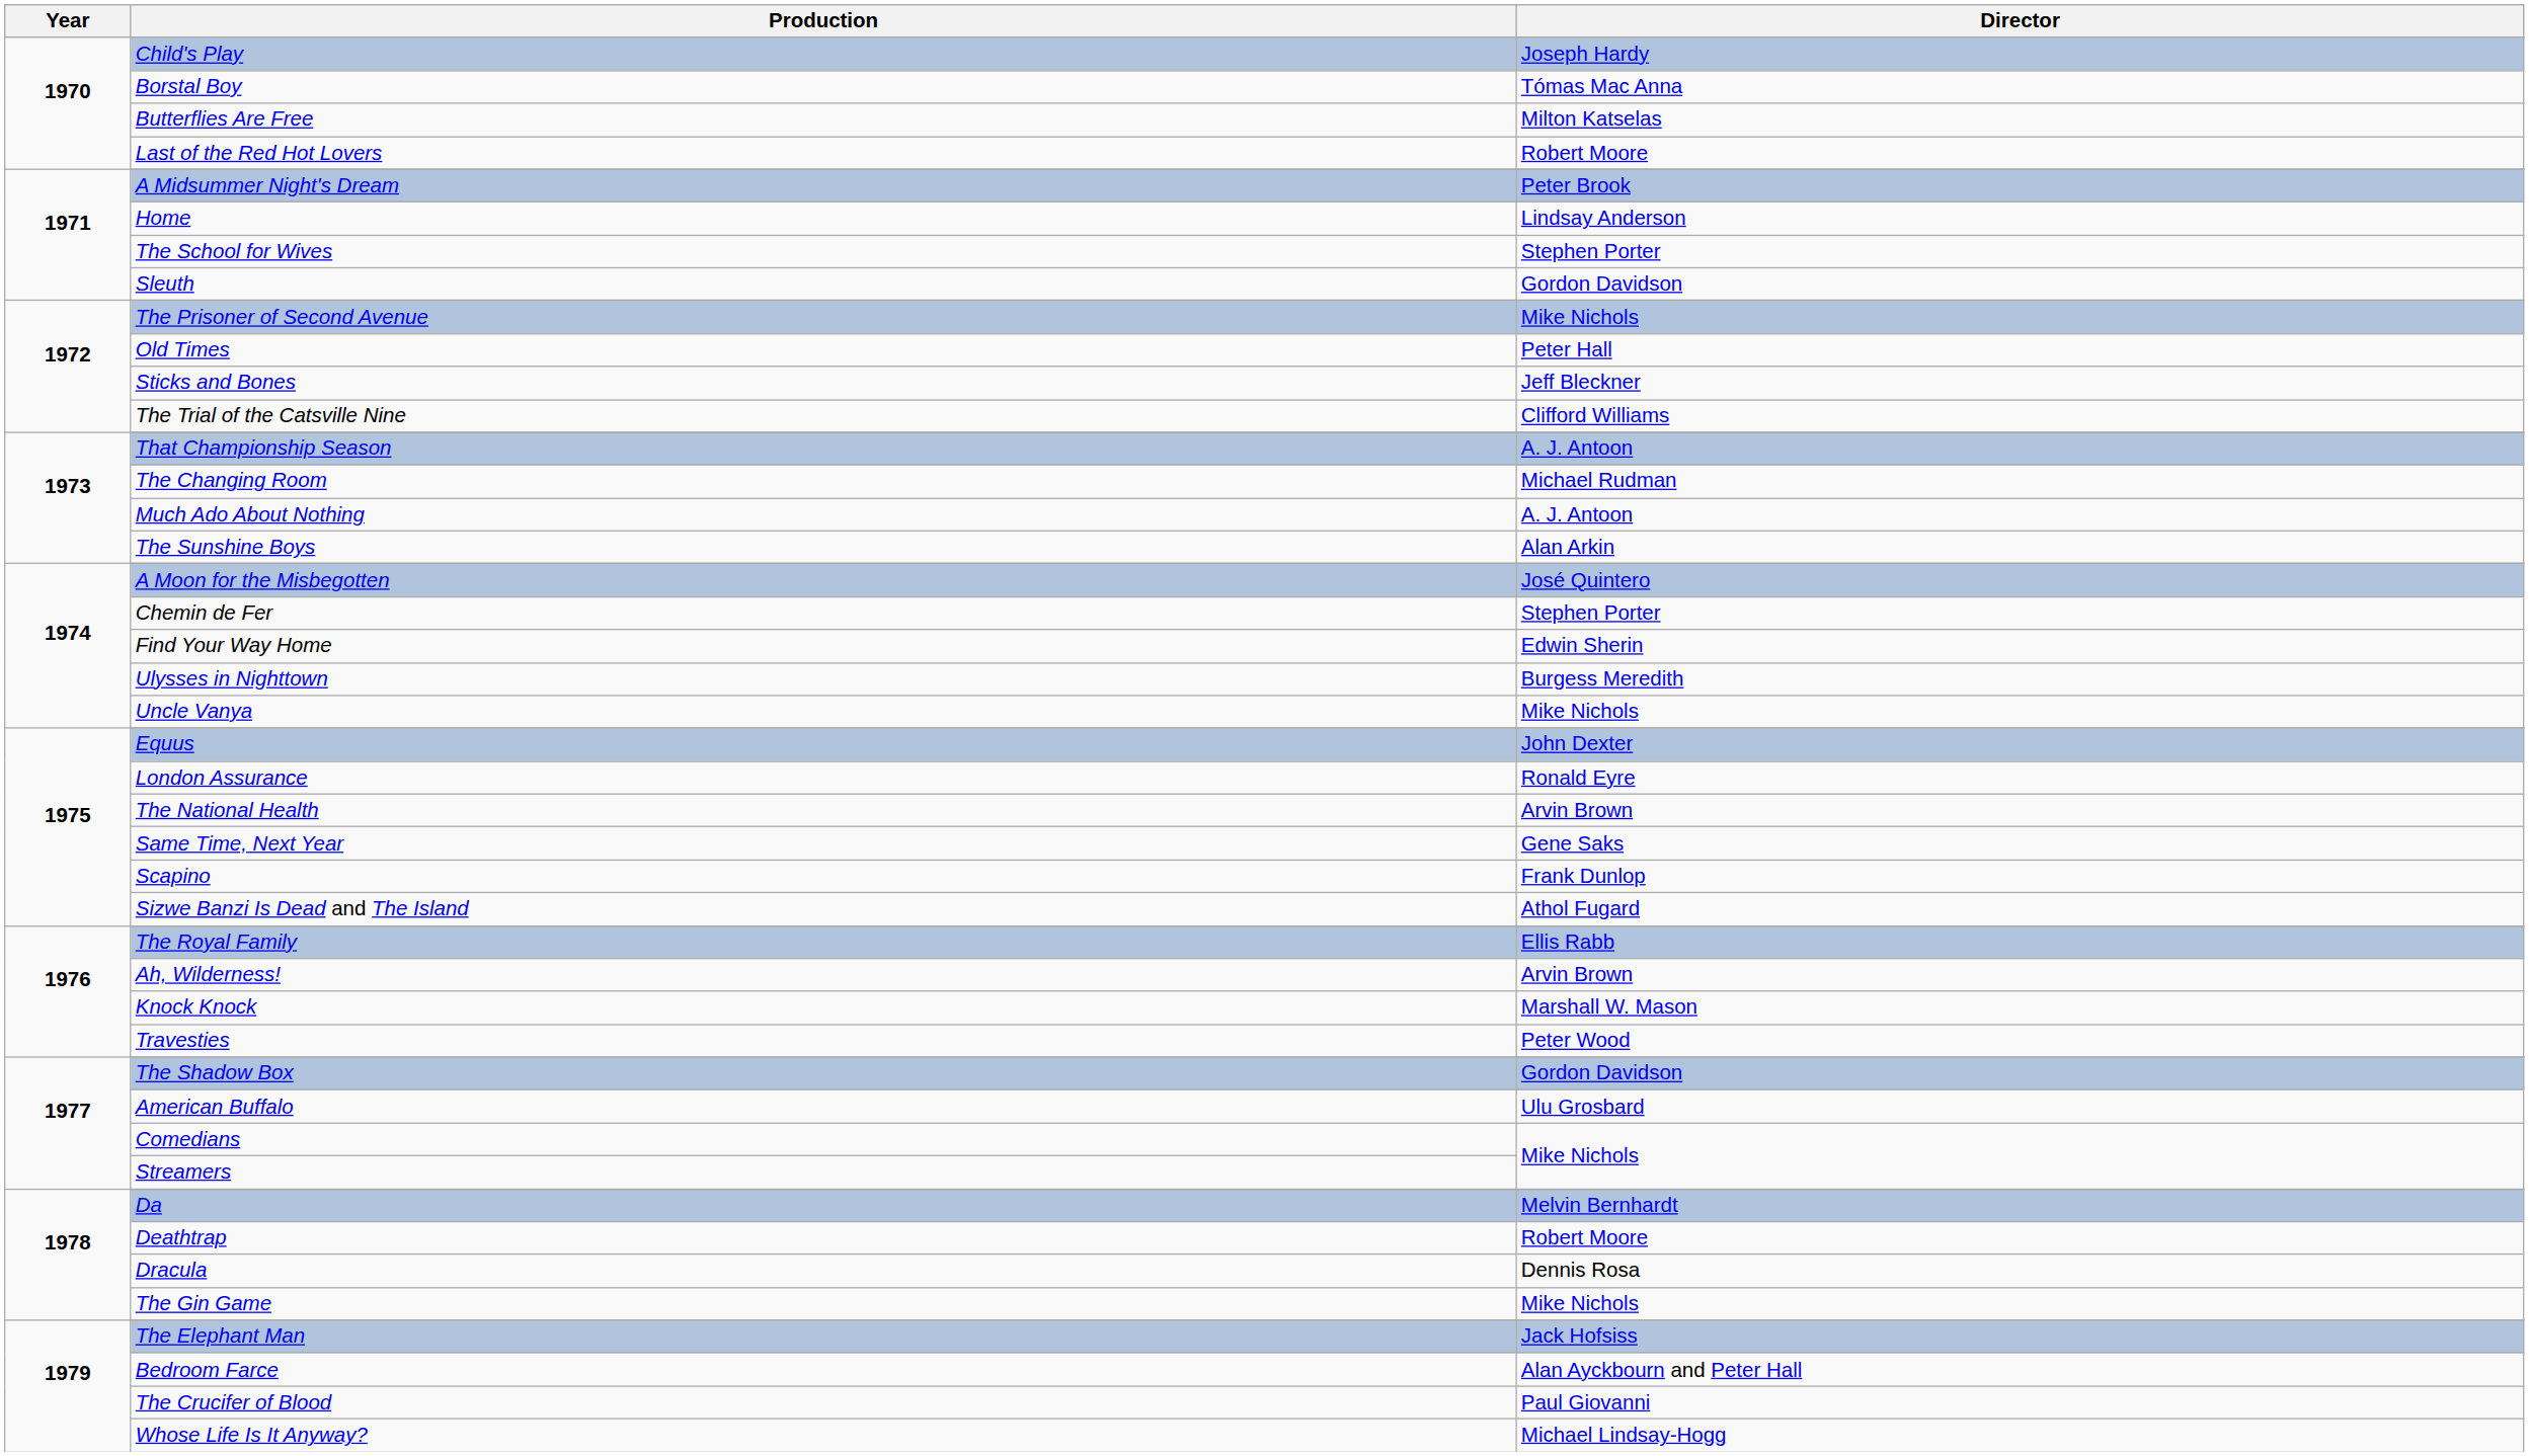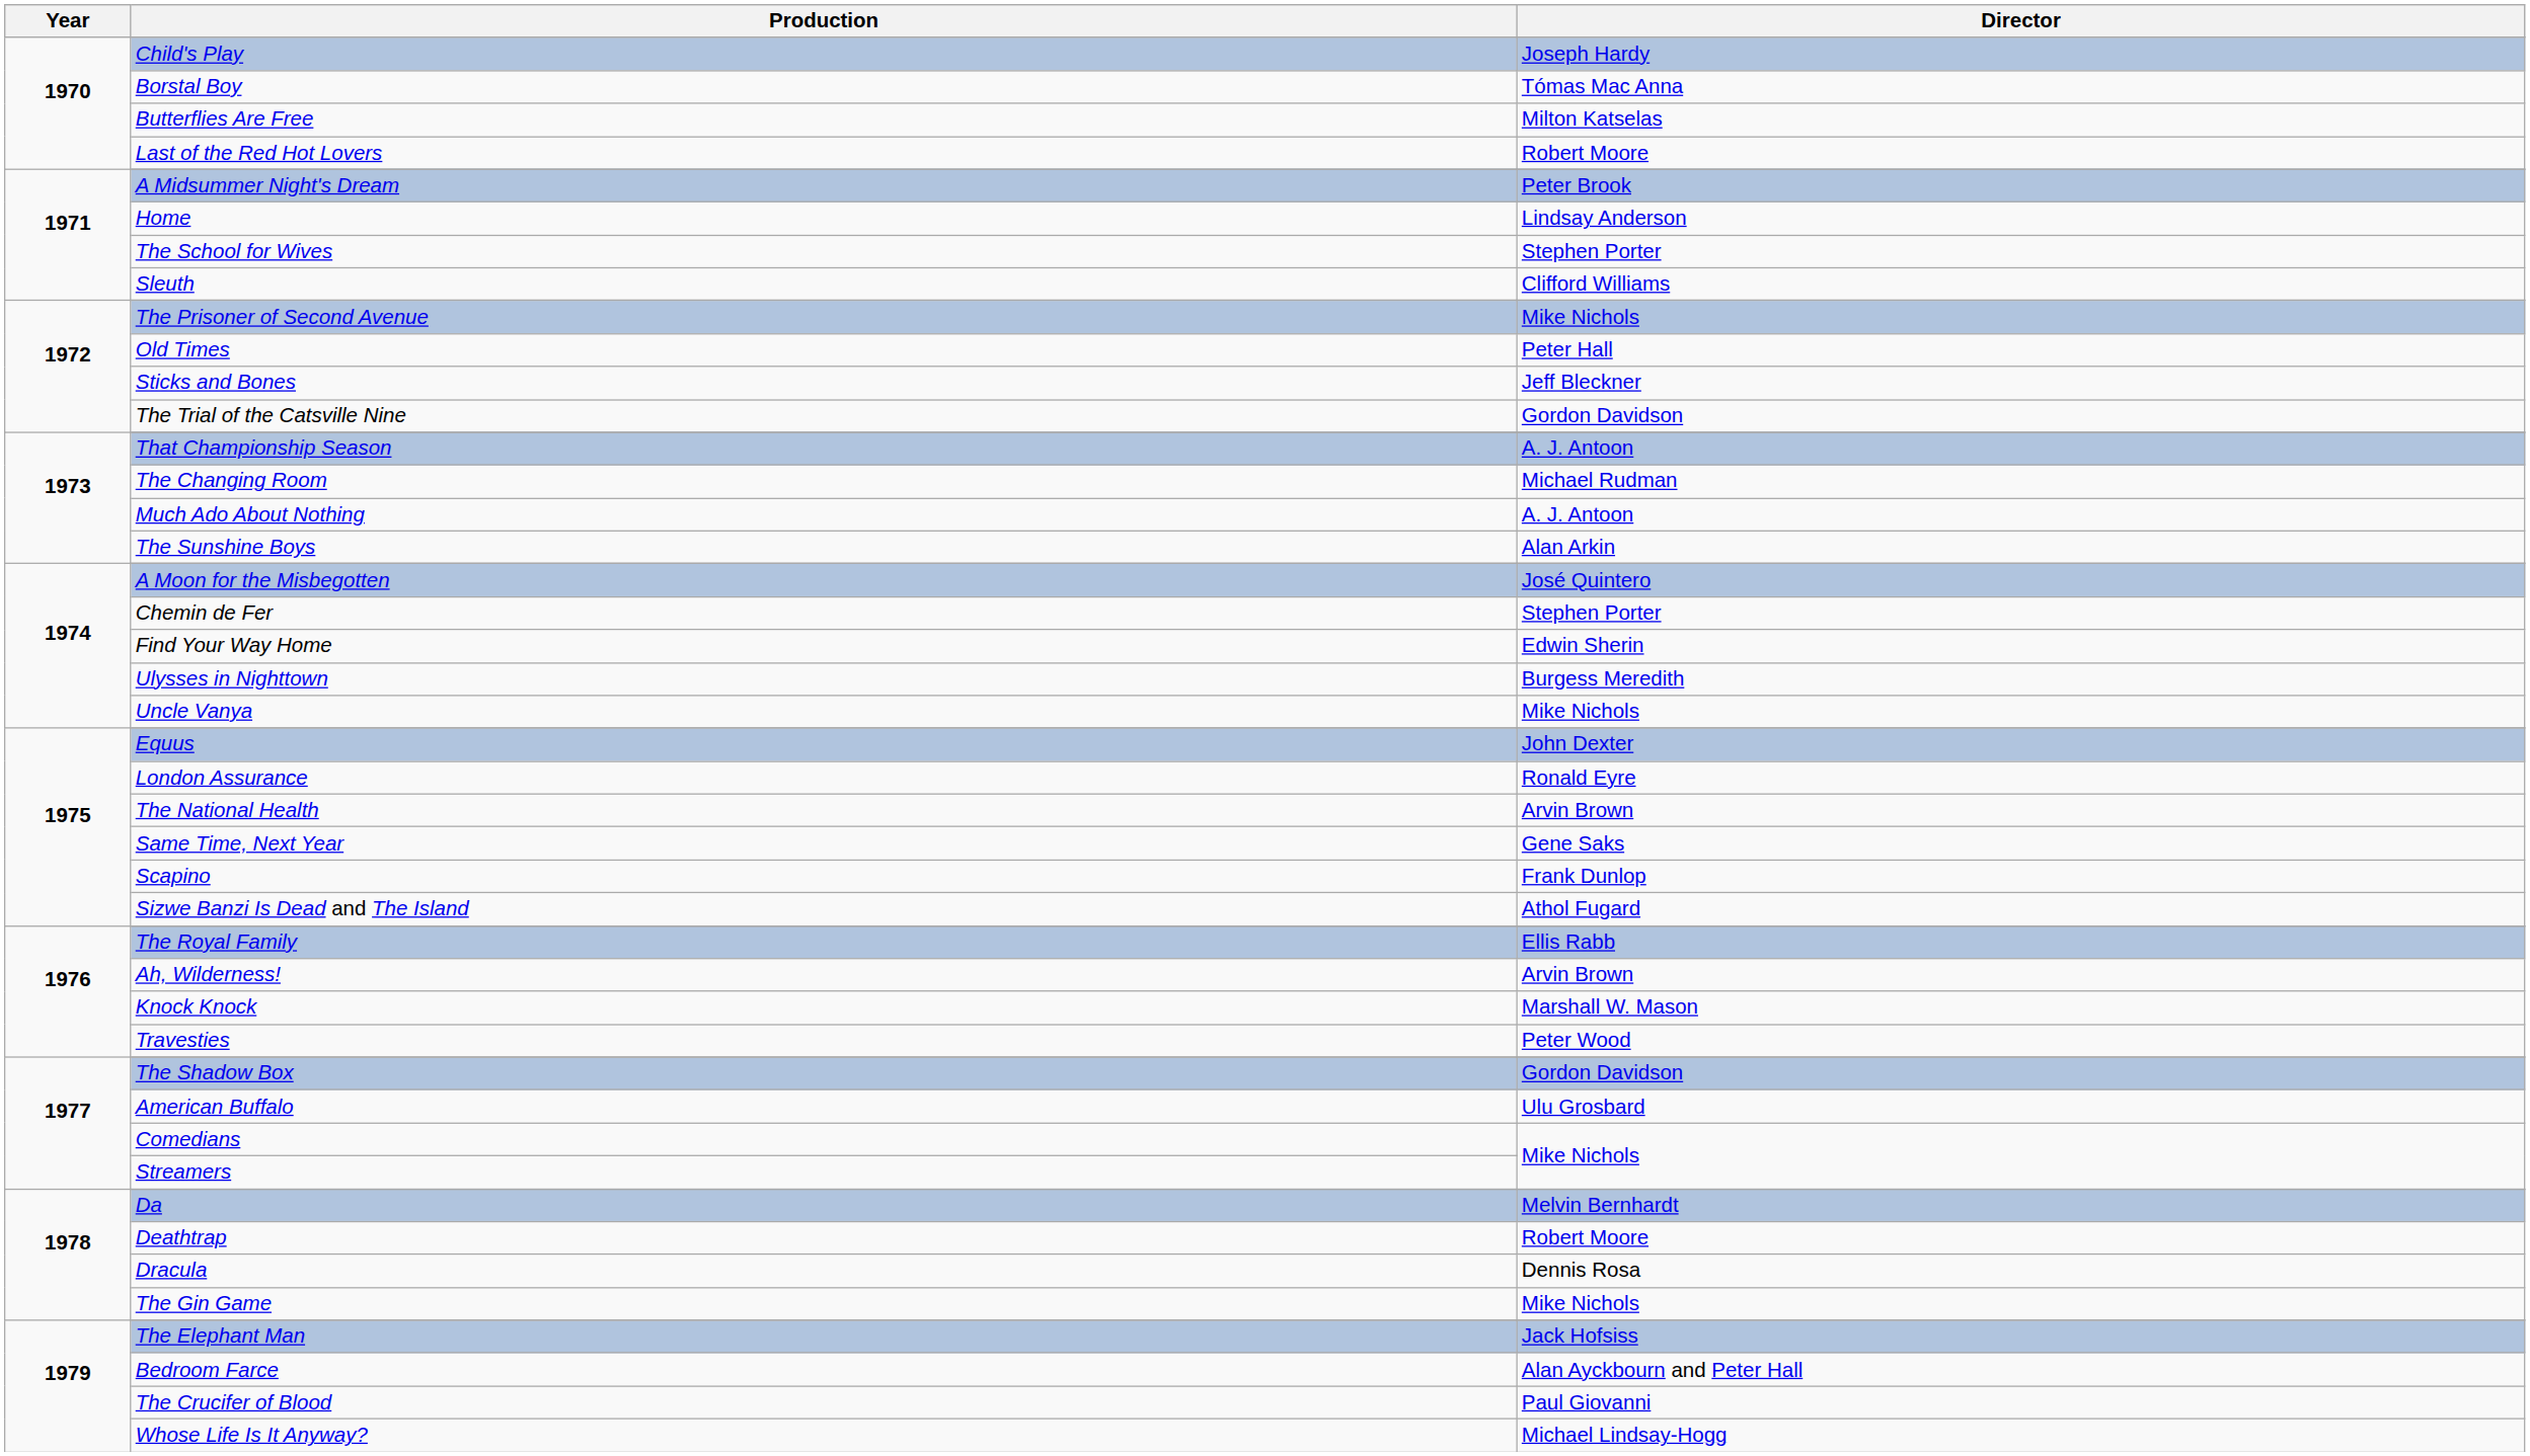 <table class="wikitable" style="width:98%;">
 <tr style="background:#bebebe;">
 <th style="width:5%;">Year</th>
 <th style="width:55%;">Production</th>
 <th style="width:40%;">Director</th>
 </tr>
 <tr>
 <td rowspan="5" align="center"><strong>1970</strong><br><br></td>
 </tr>
 <tr style="background:#B0C4DE">
 <td><em><a href='#'>Child's Play</a></em></td>
 <td><a href='#'>Joseph Hardy</a></td>
 </tr>
 <tr>
 <td><em><a href='#'>Borstal Boy</a></em></td>
 <td><a href='#'>Tómas Mac Anna</a></td>
 </tr>
 <tr>
 <td><em><a href='#'>Butterflies Are Free</a></em></td>
 <td><a href='#'>Milton Katselas</a></td>
 </tr>
 <tr>
 <td><em><a href='#'>Last of the Red Hot Lovers</a></em></td>
 <td><a href='#'>Robert Moore</a></td>
 </tr>
 <tr>
 <td rowspan="5" align="center"><strong>1971</strong><br><br></td>
 </tr>
 <tr style="background:#B0C4DE">
 <td><em><a href='#'>A Midsummer Night's Dream</a></em></td>
 <td><a href='#'>Peter Brook</a></td>
 </tr>
 <tr>
 <td><em><a href='#'>Home</a></em></td>
 <td><a href='#'>Lindsay Anderson</a></td>
 </tr>
 <tr>
 <td><em><a href='#'>The School for Wives</a></em></td>
 <td><a href='#'>Stephen Porter</a></td>
 </tr>
 <tr>
 <td><em><a href='#'>Sleuth</a></em></td>
-<td><a href='#'>Gordon Davidson</a></td>
+<td><a href='#'>Clifford Williams</a></td>
 </tr>
 <tr>
 <td rowspan="5" align="center"><strong>1972</strong><br><br></td>
 </tr>
 <tr style="background:#B0C4DE">
 <td><em><a href='#'>The Prisoner of Second Avenue</a></em></td>
 <td><a href='#'>Mike Nichols</a></td>
 </tr>
 <tr>
 <td><em><a href='#'>Old Times</a></em></td>
 <td><a href='#'>Peter Hall</a></td>
 </tr>
 <tr>
 <td><em><a href='#'>Sticks and Bones</a></em></td>
 <td><a href='#'>Jeff Bleckner</a></td>
 </tr>
 <tr>
 <td><em>The Trial of the Catsville Nine</em></td>
-<td><a href='#'>Clifford Williams</a></td>
+<td><a href='#'>Gordon Davidson</a></td>
 </tr>
 <tr>
 <td rowspan="5" align="center"><strong>1973</strong><br><br></td>
 </tr>
 <tr style="background:#B0C4DE">
 <td><em><a href='#'>That Championship Season</a></em></td>
 <td><a href='#'>A. J. Antoon</a></td>
 </tr>
 <tr>
 <td><em><a href='#'>The Changing Room</a></em></td>
 <td><a href='#'>Michael Rudman</a></td>
 </tr>
 <tr>
 <td><em><a href='#'>Much Ado About Nothing</a></em></td>
 <td><a href='#'>A. J. Antoon</a></td>
 </tr>
 <tr>
 <td><em><a href='#'>The Sunshine Boys</a></em></td>
 <td><a href='#'>Alan Arkin</a></td>
 </tr>
 <tr>
 <td rowspan="6" align="center"><strong>1974</strong><br><br></td>
 </tr>
 <tr style="background:#B0C4DE">
 <td><em><a href='#'>A Moon for the Misbegotten</a></em></td>
 <td><a href='#'>José Quintero</a></td>
 </tr>
 <tr>
 <td><em>Chemin de Fer</em></td>
 <td><a href='#'>Stephen Porter</a></td>
 </tr>
 <tr>
 <td><em>Find Your Way Home</em></td>
 <td><a href='#'>Edwin Sherin</a></td>
 </tr>
 <tr>
 <td><em><a href='#'>Ulysses in Nighttown</a></em></td>
 <td><a href='#'>Burgess Meredith</a></td>
 </tr>
 <tr>
 <td><em><a href='#'>Uncle Vanya</a></em></td>
 <td><a href='#'>Mike Nichols</a></td>
 </tr>
 <tr>
 <td rowspan="7" align="center"><strong>1975</strong><br><br></td>
 </tr>
 <tr style="background:#B0C4DE">
 <td><em><a href='#'>Equus</a></em></td>
 <td><a href='#'>John Dexter</a></td>
 </tr>
 <tr>
 <td><em><a href='#'>London Assurance</a></em></td>
 <td><a href='#'>Ronald Eyre</a></td>
 </tr>
 <tr>
 <td><em><a href='#'>The National Health</a></em></td>
 <td><a href='#'>Arvin Brown</a></td>
 </tr>
 <tr>
 <td><em><a href='#'>Same Time, Next Year</a></em></td>
 <td><a href='#'>Gene Saks</a></td>
 </tr>
 <tr>
 <td><em><a href='#'>Scapino</a></em></td>
 <td><a href='#'>Frank Dunlop</a></td>
 </tr>
 <tr>
 <td><em><a href='#'>Sizwe Banzi Is Dead</a></em> and <em><a href='#'>The Island</a></em></td>
 <td><a href='#'>Athol Fugard</a></td>
 </tr>
 <tr>
 <td rowspan="5" align="center"><strong>1976</strong><br><br></td>
 </tr>
 <tr style="background:#B0C4DE">
 <td><em><a href='#'>The Royal Family</a></em></td>
 <td><a href='#'>Ellis Rabb</a></td>
 </tr>
 <tr>
 <td><em><a href='#'>Ah, Wilderness!</a></em></td>
 <td><a href='#'>Arvin Brown</a></td>
 </tr>
 <tr>
 <td><em><a href='#'>Knock Knock</a></em></td>
 <td><a href='#'>Marshall W. Mason</a></td>
 </tr>
 <tr>
 <td><em><a href='#'>Travesties</a></em></td>
 <td><a href='#'>Peter Wood</a></td>
 </tr>
 <tr>
 <td rowspan="5" align="center"><strong>1977</strong><br><br></td>
 </tr>
 <tr style="background:#B0C4DE">
 <td><em><a href='#'>The Shadow Box</a></em></td>
 <td><a href='#'>Gordon Davidson</a></td>
 </tr>
 <tr>
 <td><em><a href='#'>American Buffalo</a></em></td>
 <td><a href='#'>Ulu Grosbard</a></td>
 </tr>
 <tr>
 <td><em><a href='#'>Comedians</a></em></td>
 <td rowspan=2><a href='#'>Mike Nichols</a></td>
 </tr>
 <tr>
 <td><em><a href='#'>Streamers</a></em></td>
 </tr>
 <tr>
 <td rowspan="5" align="center"><strong>1978</strong><br><br></td>
 </tr>
 <tr style="background:#B0C4DE">
 <td><em><a href='#'>Da</a></em></td>
 <td><a href='#'>Melvin Bernhardt</a></td>
 </tr>
 <tr>
 <td><em><a href='#'>Deathtrap</a></em></td>
 <td><a href='#'>Robert Moore</a></td>
 </tr>
 <tr>
 <td><em><a href='#'>Dracula</a></em></td>
 <td>Dennis Rosa</td>
 </tr>
 <tr>
 <td><em><a href='#'>The Gin Game</a></em></td>
 <td><a href='#'>Mike Nichols</a></td>
 </tr>
 <tr>
 <td rowspan="5" align="center"><strong>1979</strong><br><br></td>
 </tr>
 <tr style="background:#B0C4DE">
 <td><em><a href='#'>The Elephant Man</a></em></td>
 <td><a href='#'>Jack Hofsiss</a></td>
 </tr>
 <tr>
 <td><em><a href='#'>Bedroom Farce</a></em></td>
 <td><a href='#'>Alan Ayckbourn</a> and <a href='#'>Peter Hall</a></td>
 </tr>
 <tr>
 <td><em><a href='#'>The Crucifer of Blood</a></em></td>
 <td><a href='#'>Paul Giovanni</a></td>
 </tr>
 <tr>
 <td><em><a href='#'>Whose Life Is It Anyway?</a></em></td>
 <td><a href='#'>Michael Lindsay-Hogg</a></td>
 </tr>
 </table>
